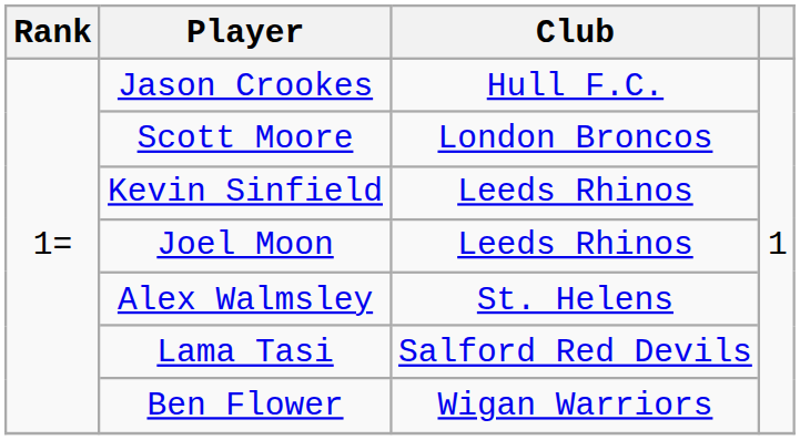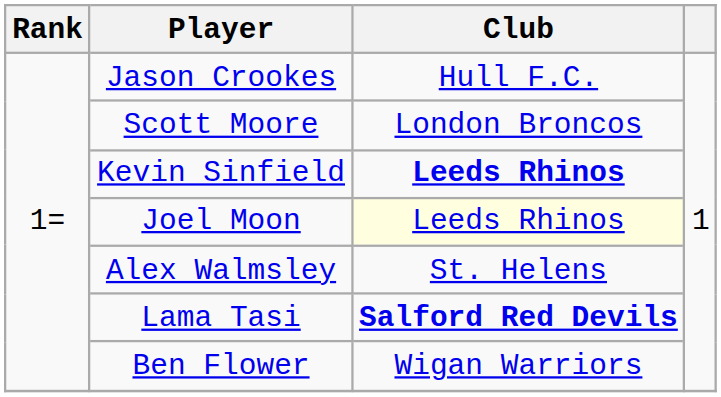 <table class="wikitable" style="text-align:center">
 <tr>
 <th>Rank</th>
 <th>Player</th>
 <th>Club</th>
 <th></th>
 </tr>
 <tr>
 <td rowspan=7>1=</td>
 <td><a href='#'>Jason Crookes</a></td>
 <td><a href='#'>Hull F.C.</a></td>
 <td 1 rowspan=7>1</td>
 </tr>
 <tr>
 <td><a href='#'>Scott Moore</a></td>
 <td><a href='#'>London Broncos</a></td>
 </tr>
 <tr>
 <td><a href='#'>Kevin Sinfield</a></td>
-<td><a href='#'>Leeds Rhinos</a></td>
+<td><strong><a href='#'>Leeds Rhinos</a></strong></td>
 </tr>
 <tr>
 <td><a href='#'>Joel Moon</a></td>
-<td><a href='#'>Leeds Rhinos</a></td>
+<td style="background: lightyellow;"><a href='#'>Leeds Rhinos</a></td>
 </tr>
 <tr>
 <td><a href='#'>Alex Walmsley</a></td>
 <td><a href='#'>St. Helens</a></td>
 </tr>
 <tr>
 <td><a href='#'>Lama Tasi</a></td>
-<td><a href='#'>Salford Red Devils</a></td>
+<td><strong><a href='#'>Salford Red Devils</a></strong></td>
 </tr>
 <tr>
 <td><a href='#'>Ben Flower</a></td>
 <td><a href='#'>Wigan Warriors</a></td>
 </tr>
 <tr>
 </tr>
 </table>
